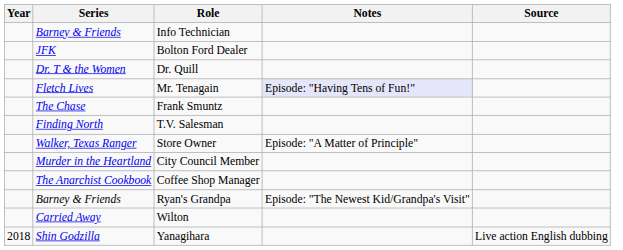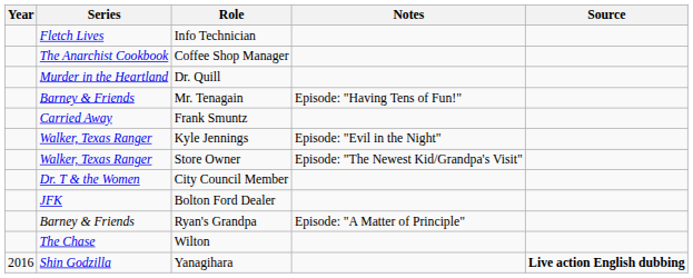 <table class="wikitable sortable plainrowheaders">
 <tr>
 <th>Year</th>
 <th>Series</th>
 <th>Role</th>
 <th class="unsortable">Notes</th>
 <th class="unsortable">Source</th>
 </tr>
 <tr>
 <td></td>
+<td><em><a href='#'>Fletch Lives</a></em></td>
+<td>Info Technician</td>
+<td></td>
+<td></td>
+</tr>
+<tr>
+<td></td>
+<td><em><a href='#'>The Anarchist Cookbook</a></em></td>
+<td>Coffee Shop Manager</td>
+<td></td>
+<td></td>
+</tr>
+<tr>
+<td></td>
+<td><em><a href='#'>Murder in the Heartland</a></em></td>
+<td>Dr. Quill</td>
+<td></td>
+<td></td>
+</tr>
+<tr>
+<td></td>
 <td><em><a href='#'>Barney & Friends</a></em></td>
-<td>Info Technician</td>
+<td>Mr. Tenagain</td>
+<td>Episode: "Having Tens of Fun!"</td>
+<td></td>
+</tr>
+<tr>
+<td></td>
+<td><em><a href='#'>Carried Away</a></em></td>
+<td>Frank Smuntz</td>
+<td></td>
+<td></td>
+</tr>
+<tr>
+<td></td>
+<td><em><a href='#'>Walker, Texas Ranger</a></em></td>
+<td>Kyle Jennings</td>
+<td>Episode: "Evil in the Night"</td>
+<td></td>
+</tr>
+<tr>
+<td></td>
+<td><em><a href='#'>Walker, Texas Ranger</a></em></td>
+<td>Store Owner</td>
+<td>Episode: "The Newest Kid/Grandpa's Visit"</td>
+<td></td>
+</tr>
+<tr>
+<td></td>
+<td><em><a href='#'>Dr. T & the Women</a></em></td>
+<td>City Council Member</td>
 <td></td>
 <td></td>
 </tr>
 <tr>
 <td></td>
 <td><em><a href='#'>JFK</a></em></td>
 <td>Bolton Ford Dealer</td>
 <td></td>
 <td></td>
 </tr>
 <tr>
 <td></td>
-<td><em><a href='#'>Dr. T & the Women</a></em></td>
-<td>Dr. Quill</td>
-<td></td>
-<td></td>
-</tr>
-<tr>
-<td></td>
-<td><em><a href='#'>Fletch Lives</a></em></td>
-<td>Mr. Tenagain</td>
-<td style="background: lavender;">Episode: "Having Tens of Fun!"</td>
-<td></td>
+<td><em>Barney & Friends</em></td>
+<td>Ryan's Grandpa</td>
+<td>Episode: "A Matter of Principle"</td>
 </tr>
 <tr>
 <td></td>
 <td><em><a href='#'>The Chase</a></em></td>
-<td>Frank Smuntz</td>
-<td></td>
-<td></td>
-</tr>
-<tr>
-<td></td>
-<td><em><a href='#'>Finding North</a></em></td>
-<td>T.V. Salesman</td>
-<td></td>
-<td></td>
-</tr>
-<tr>
-<td></td>
-<td><em><a href='#'>Walker, Texas Ranger</a></em></td>
-<td>Store Owner</td>
-<td>Episode: "A Matter of Principle"</td>
-<td></td>
-</tr>
-<tr>
-<td></td>
-<td><em><a href='#'>Murder in the Heartland</a></em></td>
-<td>City Council Member</td>
-<td></td>
-<td></td>
-</tr>
-<tr>
-<td></td>
-<td><em><a href='#'>The Anarchist Cookbook</a></em></td>
-<td>Coffee Shop Manager</td>
-<td></td>
-<td></td>
-</tr>
-<tr>
-<td></td>
-<td><em>Barney & Friends</em></td>
-<td>Ryan's Grandpa</td>
-<td>Episode: "The Newest Kid/Grandpa's Visit"</td>
-</tr>
-<tr>
-<td></td>
-<td><em><a href='#'>Carried Away</a></em></td>
 <td>Wilton</td>
 <td></td>
 <td></td>
 </tr>
 <tr>
-<td>2018</td>
+<td>2016</td>
 <td><em><a href='#'>Shin Godzilla</a></em></td>
 <td>Yanagihara</td>
 <td></td>
-<td>Live action English dubbing<br> </td>
+<td><strong>Live action English dubbing<br> </strong></td>
 </tr>
 </table>
